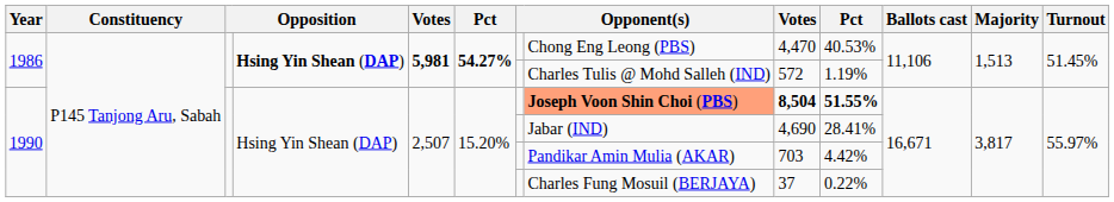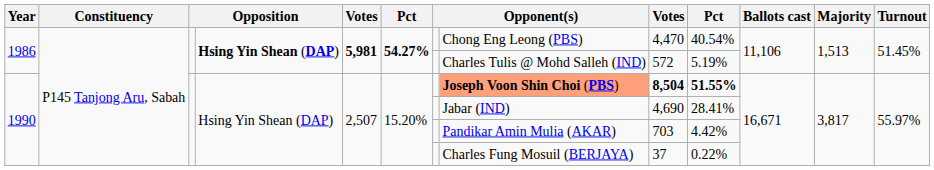 <table class="wikitable" style="margin:0.5em ; font-size:95%">
 <tr>
 <th>Year</th>
 <th>Constituency</th>
 <th colspan=2>Opposition</th>
 <th>Votes</th>
 <th>Pct</th>
 <th colspan=2>Opponent(s)</th>
 <th>Votes</th>
 <th>Pct</th>
 <th>Ballots cast</th>
 <th>Majority</th>
 <th>Turnout</th>
 </tr>
 <tr>
 <td rowspan="2"><a href='#'>1986</a></td>
 <td rowspan="6">P145 <a href='#'>Tanjong Aru</a>, Sabah</td>
 <td rowspan="2" ></td>
 <td rowspan="2"><strong>Hsing Yin Shean</strong> (<a href='#'><strong>DAP</strong></a>)</td>
 <td rowspan="2"><strong>5,981</strong></td>
 <td rowspan="2"><strong>54.27%</strong></td>
 <td></td>
 <td>Chong Eng Leong (<a href='#'>PBS</a>)</td>
 <td>4,470</td>
-<td>40.53%</td>
+<td>40.54%</td>
 <td rowspan=2>11,106</td>
 <td rowspan=2>1,513</td>
 <td rowspan=2>51.45%</td>
 </tr>
 <tr>
 <td></td>
 <td>Charles Tulis @ Mohd Salleh (<a href='#'>IND</a>)</td>
 <td>572</td>
-<td>1.19%</td>
+<td>5.19%</td>
 </tr>
 <tr>
 <td rowspan="4"><a href='#'>1990</a></td>
 <td rowspan="4" ></td>
 <td rowspan="4">Hsing Yin Shean (<a href='#'>DAP</a>)</td>
 <td rowspan="4">2,507</td>
 <td rowspan="4">15.20%</td>
 <td></td>
 <td style="background: lightsalmon;"><strong>Joseph Voon Shin Choi</strong> (<a href='#'><strong>PBS</strong></a>)</td>
 <td><strong>8,504</strong></td>
 <td><strong>51.55%</strong></td>
 <td rowspan=4>16,671</td>
 <td rowspan=4>3,817</td>
 <td rowspan=4>55.97%</td>
 </tr>
 <tr>
 <td></td>
 <td>Jabar (<a href='#'>IND</a>)</td>
 <td>4,690</td>
 <td>28.41%</td>
 </tr>
 <tr>
 <td></td>
 <td><a href='#'>Pandikar Amin Mulia</a> (<a href='#'>AKAR</a>)</td>
 <td>703</td>
 <td>4.42%</td>
 </tr>
 <tr>
 <td></td>
 <td>Charles Fung Mosuil (<a href='#'>BERJAYA</a>)</td>
 <td>37</td>
 <td>0.22%</td>
 </tr>
 </table>
